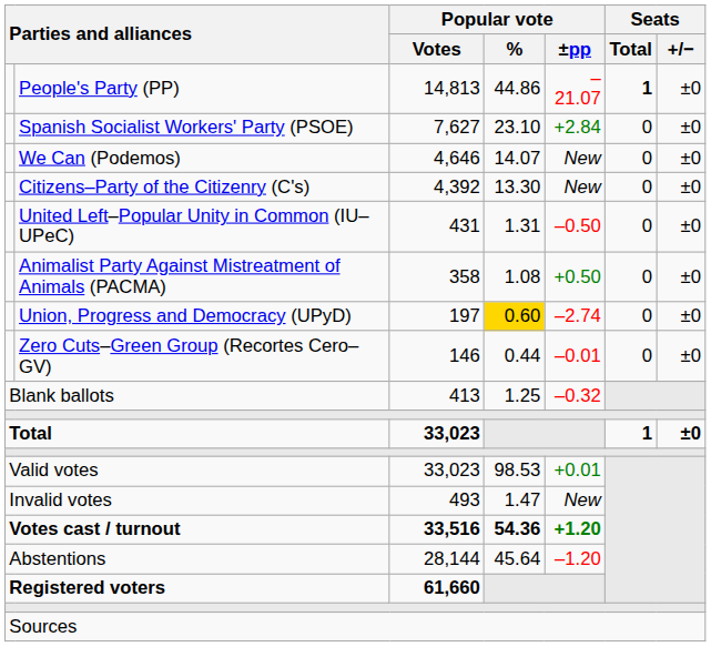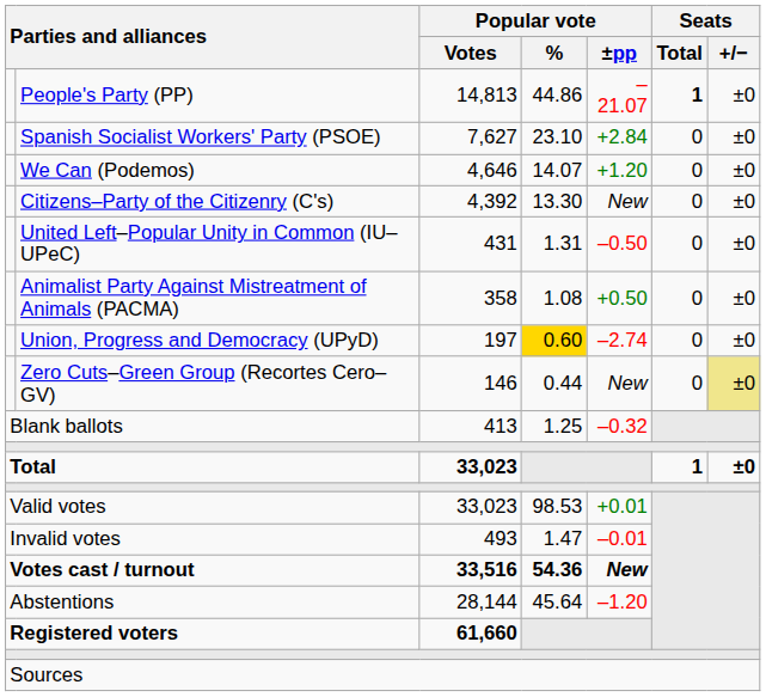 <table class="wikitable" style="text-align:right;">
 <tr>
 <th style="text-align:left;" rowspan="2" colspan="2" width="525">Parties and alliances</th>
 <th colspan="3">Popular vote</th>
 <th colspan="2">Seats</th>
 </tr>
 <tr>
 <th width="75">Votes</th>
 <th width="45">%</th>
 <th width="45">±<a href='#'>pp</a></th>
 <th width="35">Total</th>
 <th width="35">+/−</th>
 </tr>
 <tr>
 <td width="1" style="color:inherit;background:"></td>
 <td align="left"><a href='#'>People's Party</a> (PP)</td>
 <td>14,813</td>
 <td>44.86</td>
 <td style="color:red;">–21.07</td>
 <td><strong>1</strong></td>
 <td>±0</td>
 </tr>
 <tr>
 <td style="color:inherit;background:"></td>
 <td align="left"><a href='#'>Spanish Socialist Workers' Party</a> (PSOE)</td>
 <td>7,627</td>
 <td>23.10</td>
 <td style="color:green;">+2.84</td>
 <td>0</td>
 <td>±0</td>
 </tr>
 <tr>
 <td style="color:inherit;background:"></td>
 <td align="left"><a href='#'>We Can</a> (Podemos)</td>
 <td>4,646</td>
 <td>14.07</td>
-<td><em>New</em></td>
+<td style="color:green;">+1.20</td>
 <td>0</td>
 <td>±0</td>
 </tr>
 <tr>
 <td style="color:inherit;background:"></td>
 <td align="left"><a href='#'>Citizens–Party of the Citizenry</a> (C's)</td>
 <td>4,392</td>
 <td>13.30</td>
 <td><em>New</em></td>
 <td>0</td>
 <td>±0</td>
 </tr>
 <tr>
 <td style="color:inherit;background:"></td>
 <td align="left"><a href='#'>United Left</a>–<a href='#'>Popular Unity in Common</a> (IU–UPeC)</td>
 <td>431</td>
 <td>1.31</td>
 <td style="color:red;">–0.50</td>
 <td>0</td>
 <td>±0</td>
 </tr>
 <tr>
 <td style="color:inherit;background:"></td>
 <td align="left"><a href='#'>Animalist Party Against Mistreatment of Animals</a> (PACMA)</td>
 <td>358</td>
 <td>1.08</td>
 <td style="color:green;">+0.50</td>
 <td>0</td>
 <td>±0</td>
 </tr>
 <tr>
 <td style="color:inherit;background:"></td>
 <td align="left"><a href='#'>Union, Progress and Democracy</a> (UPyD)</td>
 <td>197</td>
 <td style="background: gold;">0.60</td>
 <td style="color:red;">–2.74</td>
 <td>0</td>
 <td>±0</td>
 </tr>
 <tr>
 <td style="color:inherit;background:"></td>
 <td align="left"><a href='#'>Zero Cuts</a>–<a href='#'>Green Group</a> (Recortes Cero–GV)</td>
 <td>146</td>
 <td>0.44</td>
-<td style="color:red;">–0.01</td>
+<td><em>New</em></td>
 <td>0</td>
-<td>±0</td>
+<td style="background: khaki;">±0</td>
 </tr>
 <tr>
 <td align="left" colspan="2">Blank ballots</td>
 <td>413</td>
 <td>1.25</td>
 <td style="color:red;">–0.32</td>
 <td bgcolor="#E9E9E9" colspan="2"></td>
 </tr>
 <tr>
 <td colspan="7" bgcolor="#E9E9E9"></td>
 </tr>
 <tr style="font-weight:bold;">
 <td align="left" colspan="2">Total</td>
 <td>33,023</td>
 <td bgcolor="#E9E9E9" colspan="2"></td>
 <td>1</td>
 <td>±0</td>
 </tr>
 <tr>
 <td colspan="7" bgcolor="#E9E9E9"></td>
 </tr>
 <tr>
 <td align="left" colspan="2">Valid votes</td>
 <td>33,023</td>
 <td>98.53</td>
 <td style="color:green;">+0.01</td>
 <td bgcolor="#E9E9E9" colspan="2" rowspan="5"></td>
 </tr>
 <tr>
 <td align="left" colspan="2">Invalid votes</td>
 <td>493</td>
 <td>1.47</td>
-<td><em>New</em></td>
+<td style="color:red;">–0.01</td>
 </tr>
 <tr style="font-weight:bold;">
 <td align="left" colspan="2">Votes cast / turnout</td>
 <td>33,516</td>
 <td>54.36</td>
-<td style="color:green;">+1.20</td>
+<td><em>New</em></td>
 </tr>
 <tr>
 <td align="left" colspan="2">Abstentions</td>
 <td>28,144</td>
 <td>45.64</td>
 <td style="color:red;">–1.20</td>
 </tr>
 <tr style="font-weight:bold;">
 <td align="left" colspan="2">Registered voters</td>
 <td>61,660</td>
 <td bgcolor="#E9E9E9" colspan="2"></td>
 </tr>
 <tr>
 <td colspan="7" bgcolor="#E9E9E9"></td>
 </tr>
 <tr>
 <td align="left" colspan="7">Sources</td>
 </tr>
 </table>
